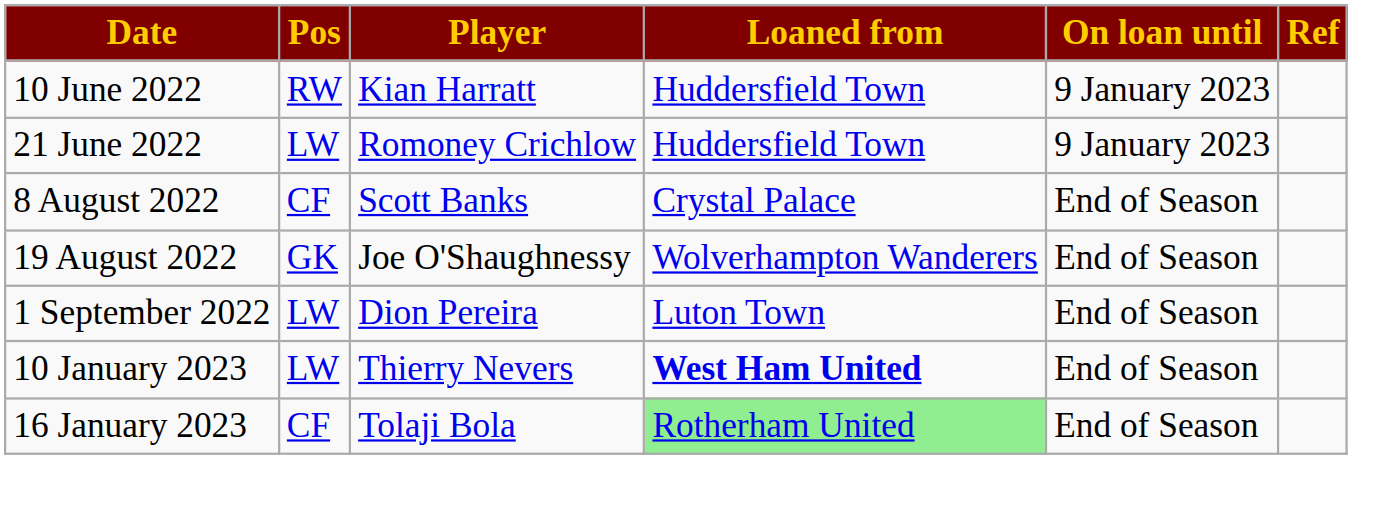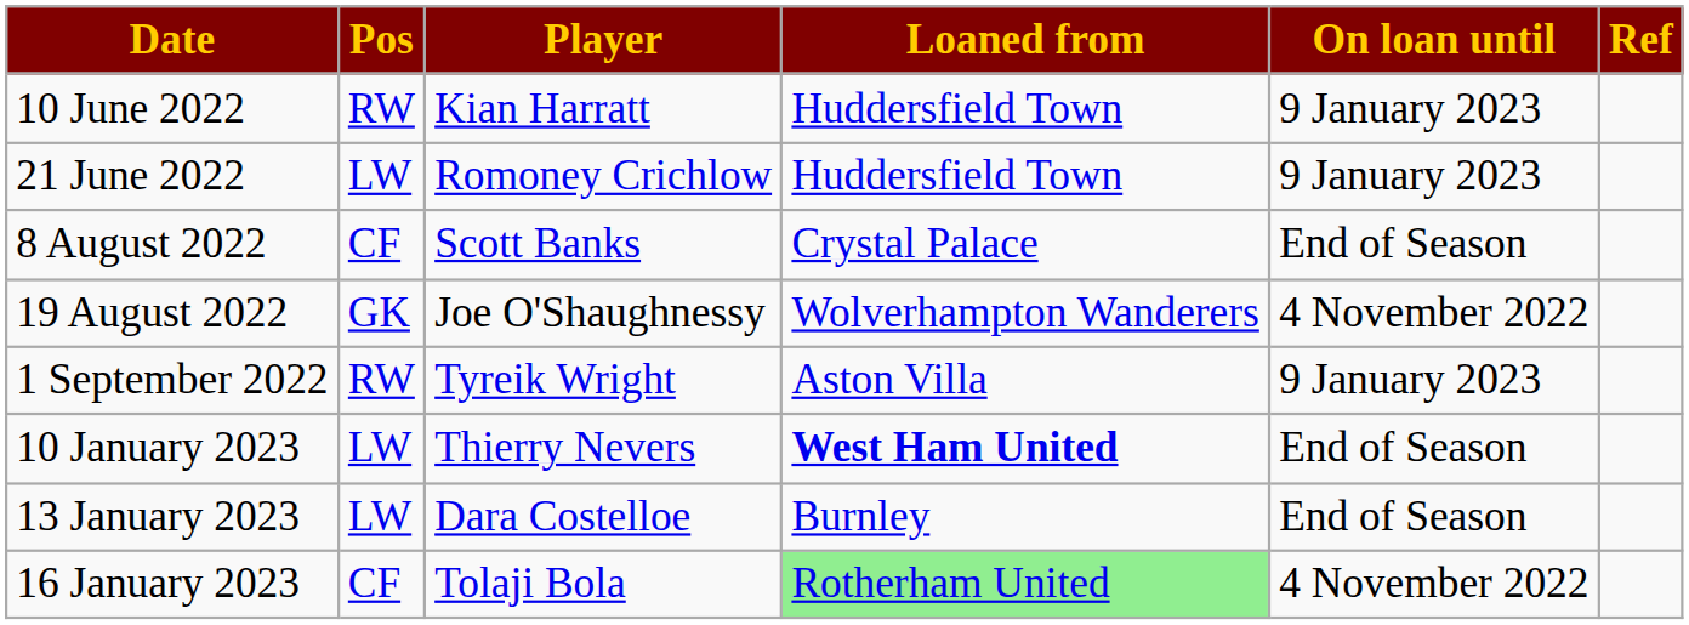 <table class="wikitable plainrowheaders sortable">
 <tr>
 <th style="background:#800000; color:#ffCC00; ">Date</th>
 <th style="background:#800000; color:#ffCC00; ">Pos</th>
 <th style="background:#800000; color:#ffCC00; ">Player</th>
 <th style="background:#800000; color:#ffCC00; ">Loaned from</th>
 <th style="background:#800000; color:#ffCC00; ">On loan until</th>
 <th style="background:#800000; color:#ffCC00; ">Ref</th>
 </tr>
 <tr>
 <td>10 June 2022</td>
 <td><a href='#'>RW</a></td>
 <td> <a href='#'>Kian Harratt</a></td>
 <td> <a href='#'>Huddersfield Town</a></td>
 <td>9 January 2023</td>
 <td></td>
 </tr>
 <tr>
 <td>21 June 2022</td>
 <td><a href='#'>LW</a></td>
 <td> <a href='#'>Romoney Crichlow</a></td>
 <td> <a href='#'>Huddersfield Town</a></td>
 <td>9 January 2023</td>
 <td></td>
 </tr>
 <tr>
 <td>8 August 2022</td>
 <td><a href='#'>CF</a></td>
 <td> <a href='#'>Scott Banks</a></td>
 <td> <a href='#'>Crystal Palace</a></td>
 <td>End of Season</td>
 <td></td>
 </tr>
 <tr>
 <td>19 August 2022</td>
 <td><a href='#'>GK</a></td>
 <td> Joe O'Shaughnessy</td>
 <td> <a href='#'>Wolverhampton Wanderers</a></td>
-<td>End of Season</td>
+<td>4 November 2022</td>
 <td></td>
 </tr>
 <tr>
 <td>1 September 2022</td>
-<td><a href='#'>LW</a></td>
-<td> <a href='#'>Dion Pereira</a></td>
-<td> <a href='#'>Luton Town</a></td>
-<td>End of Season</td>
+<td><a href='#'>RW</a></td>
+<td> <a href='#'>Tyreik Wright</a></td>
+<td> <a href='#'>Aston Villa</a></td>
+<td>9 January 2023</td>
 <td></td>
 </tr>
 <tr>
 <td>10 January 2023</td>
 <td><a href='#'>LW</a></td>
 <td> <a href='#'>Thierry Nevers</a></td>
 <td><strong> <a href='#'>West Ham United</a></strong></td>
 <td>End of Season</td>
 <td></td>
 </tr>
 <tr>
+<td>13 January 2023</td>
+<td><a href='#'>LW</a></td>
+<td> <a href='#'>Dara Costelloe</a></td>
+<td> <a href='#'>Burnley</a></td>
+<td>End of Season</td>
+<td></td>
+</tr>
+<tr>
 <td>16 January 2023</td>
 <td><a href='#'>CF</a></td>
 <td> <a href='#'>Tolaji Bola</a></td>
 <td style="background: lightgreen;"> <a href='#'>Rotherham United</a></td>
-<td>End of Season</td>
+<td>4 November 2022</td>
 <td></td>
 </tr>
 </table>
